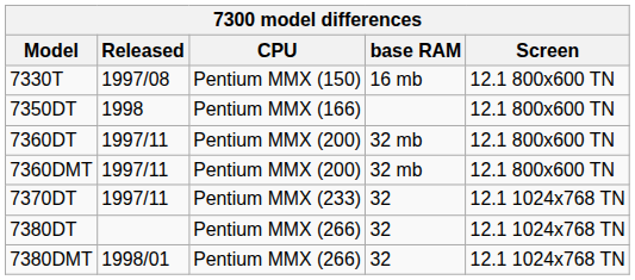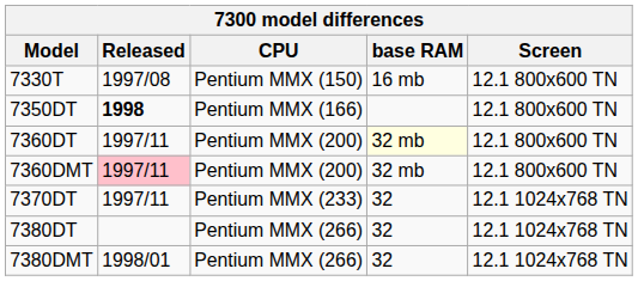 <table class="wikitable collapsible collapsed" style="min-width: 60%;">
 <tr>
 <th colspan="10">7300 model differences</th>
 </tr>
 <tr>
 <th>Model</th>
 <th>Released</th>
 <th>CPU</th>
 <th>base RAM</th>
 <th>Screen</th>
 </tr>
 <tr>
 <td>7330T</td>
 <td>1997/08</td>
 <td>Pentium MMX (150)</td>
 <td>16 mb</td>
 <td>12.1 800x600 TN</td>
 </tr>
 <tr>
 <td>7350DT</td>
-<td>1998</td>
+<td><strong>1998</strong></td>
 <td>Pentium MMX (166)</td>
 <td></td>
 <td>12.1 800x600 TN</td>
 </tr>
 <tr>
 <td>7360DT</td>
 <td>1997/11</td>
 <td>Pentium MMX (200)</td>
-<td>32 mb</td>
+<td style="background: lightyellow;">32 mb</td>
 <td>12.1 800x600 TN</td>
 </tr>
 <tr>
 <td>7360DMT</td>
-<td>1997/11</td>
+<td style="background: pink;">1997/11</td>
 <td>Pentium MMX (200)</td>
 <td>32 mb</td>
 <td>12.1 800x600 TN</td>
 </tr>
 <tr>
 <td>7370DT</td>
 <td>1997/11</td>
 <td>Pentium MMX (233)</td>
 <td>32</td>
 <td>12.1 1024x768 TN</td>
 </tr>
 <tr>
 <td>7380DT</td>
 <td></td>
 <td>Pentium MMX (266)</td>
 <td>32</td>
 <td>12.1 1024x768 TN</td>
 </tr>
 <tr>
 <td>7380DMT</td>
 <td>1998/01</td>
 <td>Pentium MMX (266)</td>
 <td>32</td>
 <td>12.1 1024x768 TN</td>
 </tr>
 </table>
